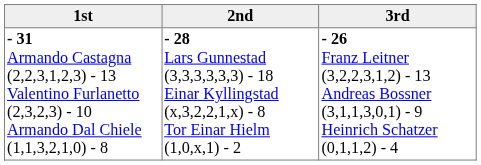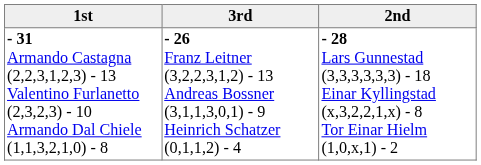 <table border="1" cellpadding="2" cellspacing="0" style="width:75%; border-collapse:collapse">
 <tr style="text-align:left; background:#efefef;">
 <th width=15% align=center >1st</th>
+<th width=15% align=center >3rd</th>
 <th width=15% align=center >2nd</th>
-<th width=15% align=center >3rd</th>
 </tr>
 <tr align=left>
 <td valign=top align=left ><strong> - 31</strong><br><a href='#'>Armando Castagna</a> (2,2,3,1,2,3) - 13<br><a href='#'>Valentino Furlanetto</a> (2,3,2,3) - 10<br><a href='#'>Armando Dal Chiele</a> (1,1,3,2,1,0) - 8</td>
+<td valign=top align=left ><strong> - 26</strong><br><a href='#'>Franz Leitner</a> (3,2,2,3,1,2) - 13<br><a href='#'>Andreas Bossner</a> (3,1,1,3,0,1) - 9<br><a href='#'>Heinrich Schatzer</a> (0,1,1,2) - 4</td>
 <td valign=top align=left ><strong> - 28</strong><br><a href='#'>Lars Gunnestad</a> (3,3,3,3,3,3) - 18<br><a href='#'>Einar Kyllingstad</a> (x,3,2,2,1,x) - 8<br><a href='#'>Tor Einar Hielm</a> (1,0,x,1) - 2</td>
-<td valign=top align=left ><strong> - 26</strong><br><a href='#'>Franz Leitner</a> (3,2,2,3,1,2) - 13<br><a href='#'>Andreas Bossner</a> (3,1,1,3,0,1) - 9<br><a href='#'>Heinrich Schatzer</a> (0,1,1,2) - 4</td>
 </tr>
 </table>
